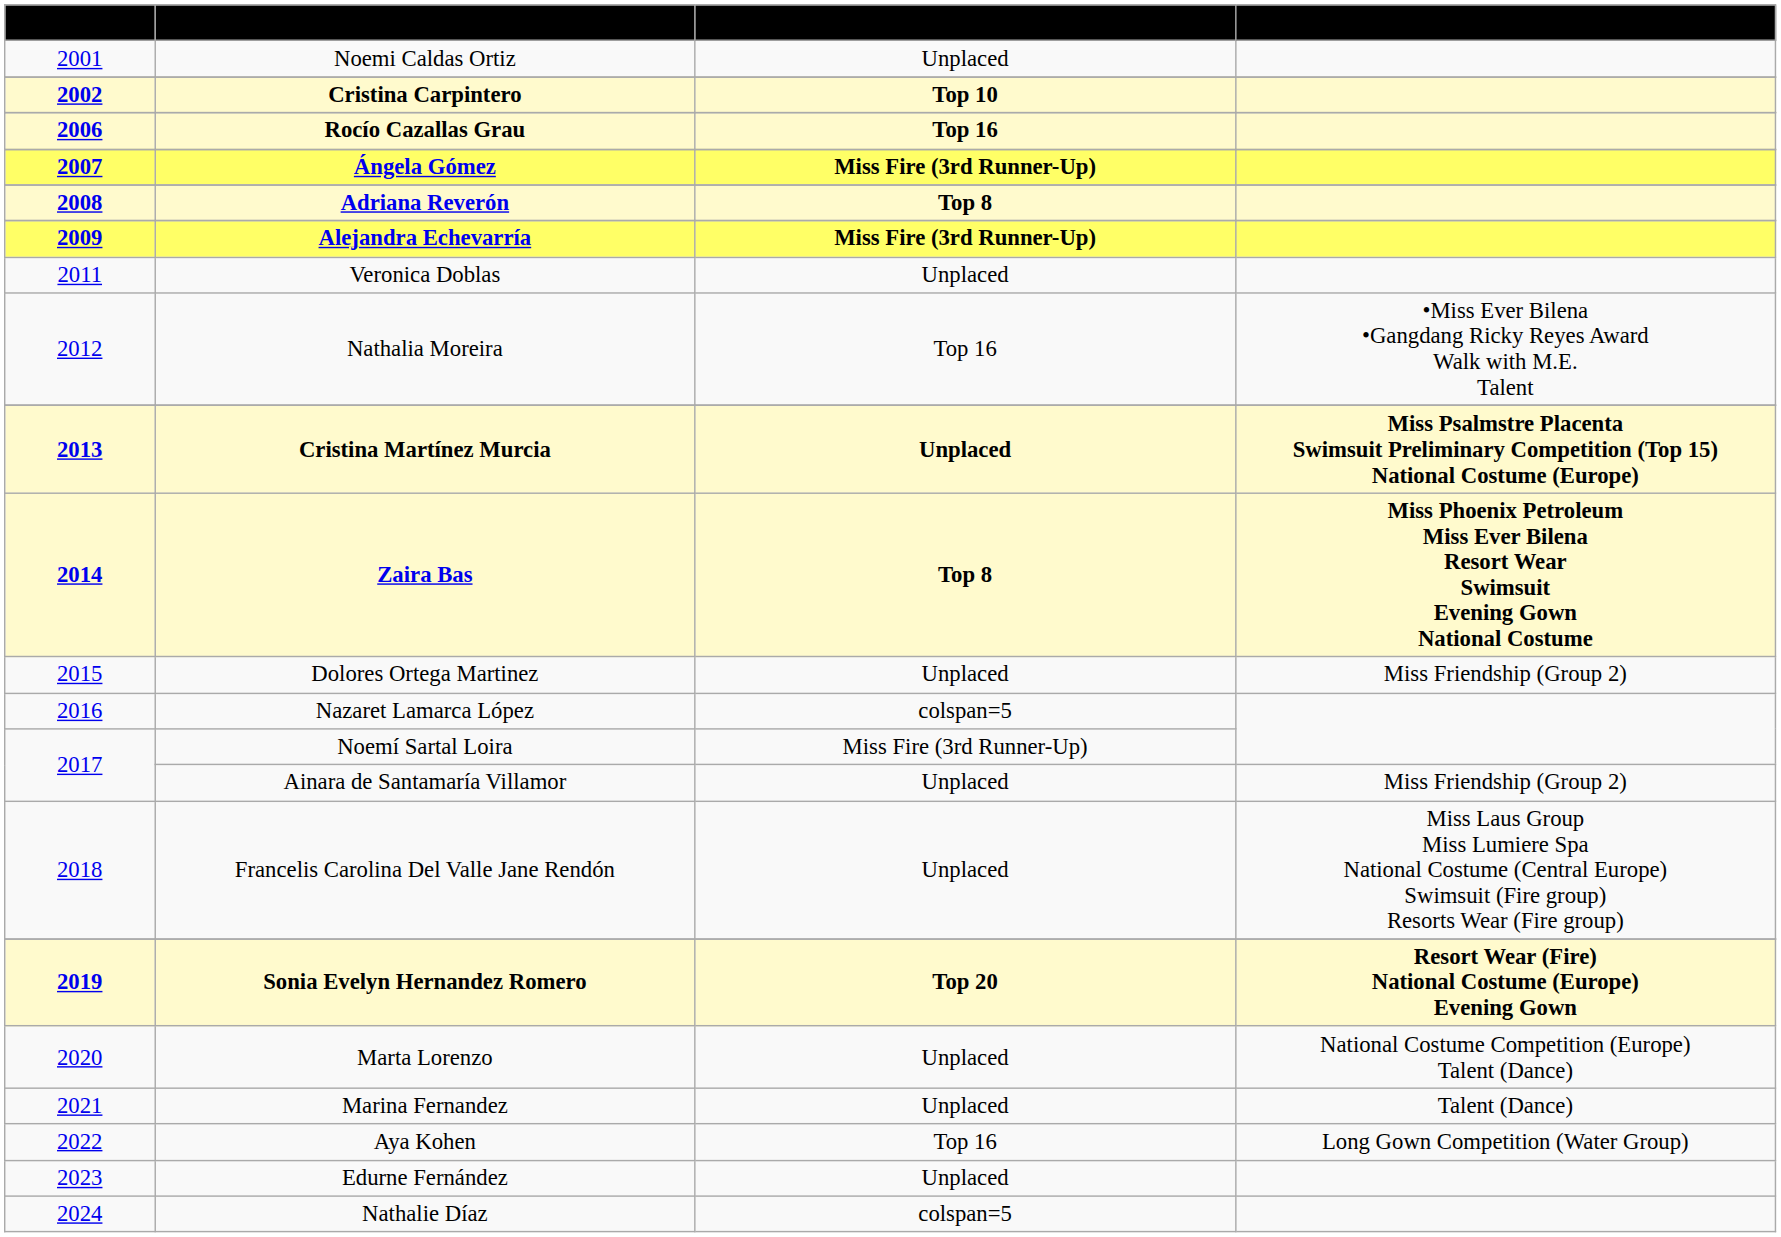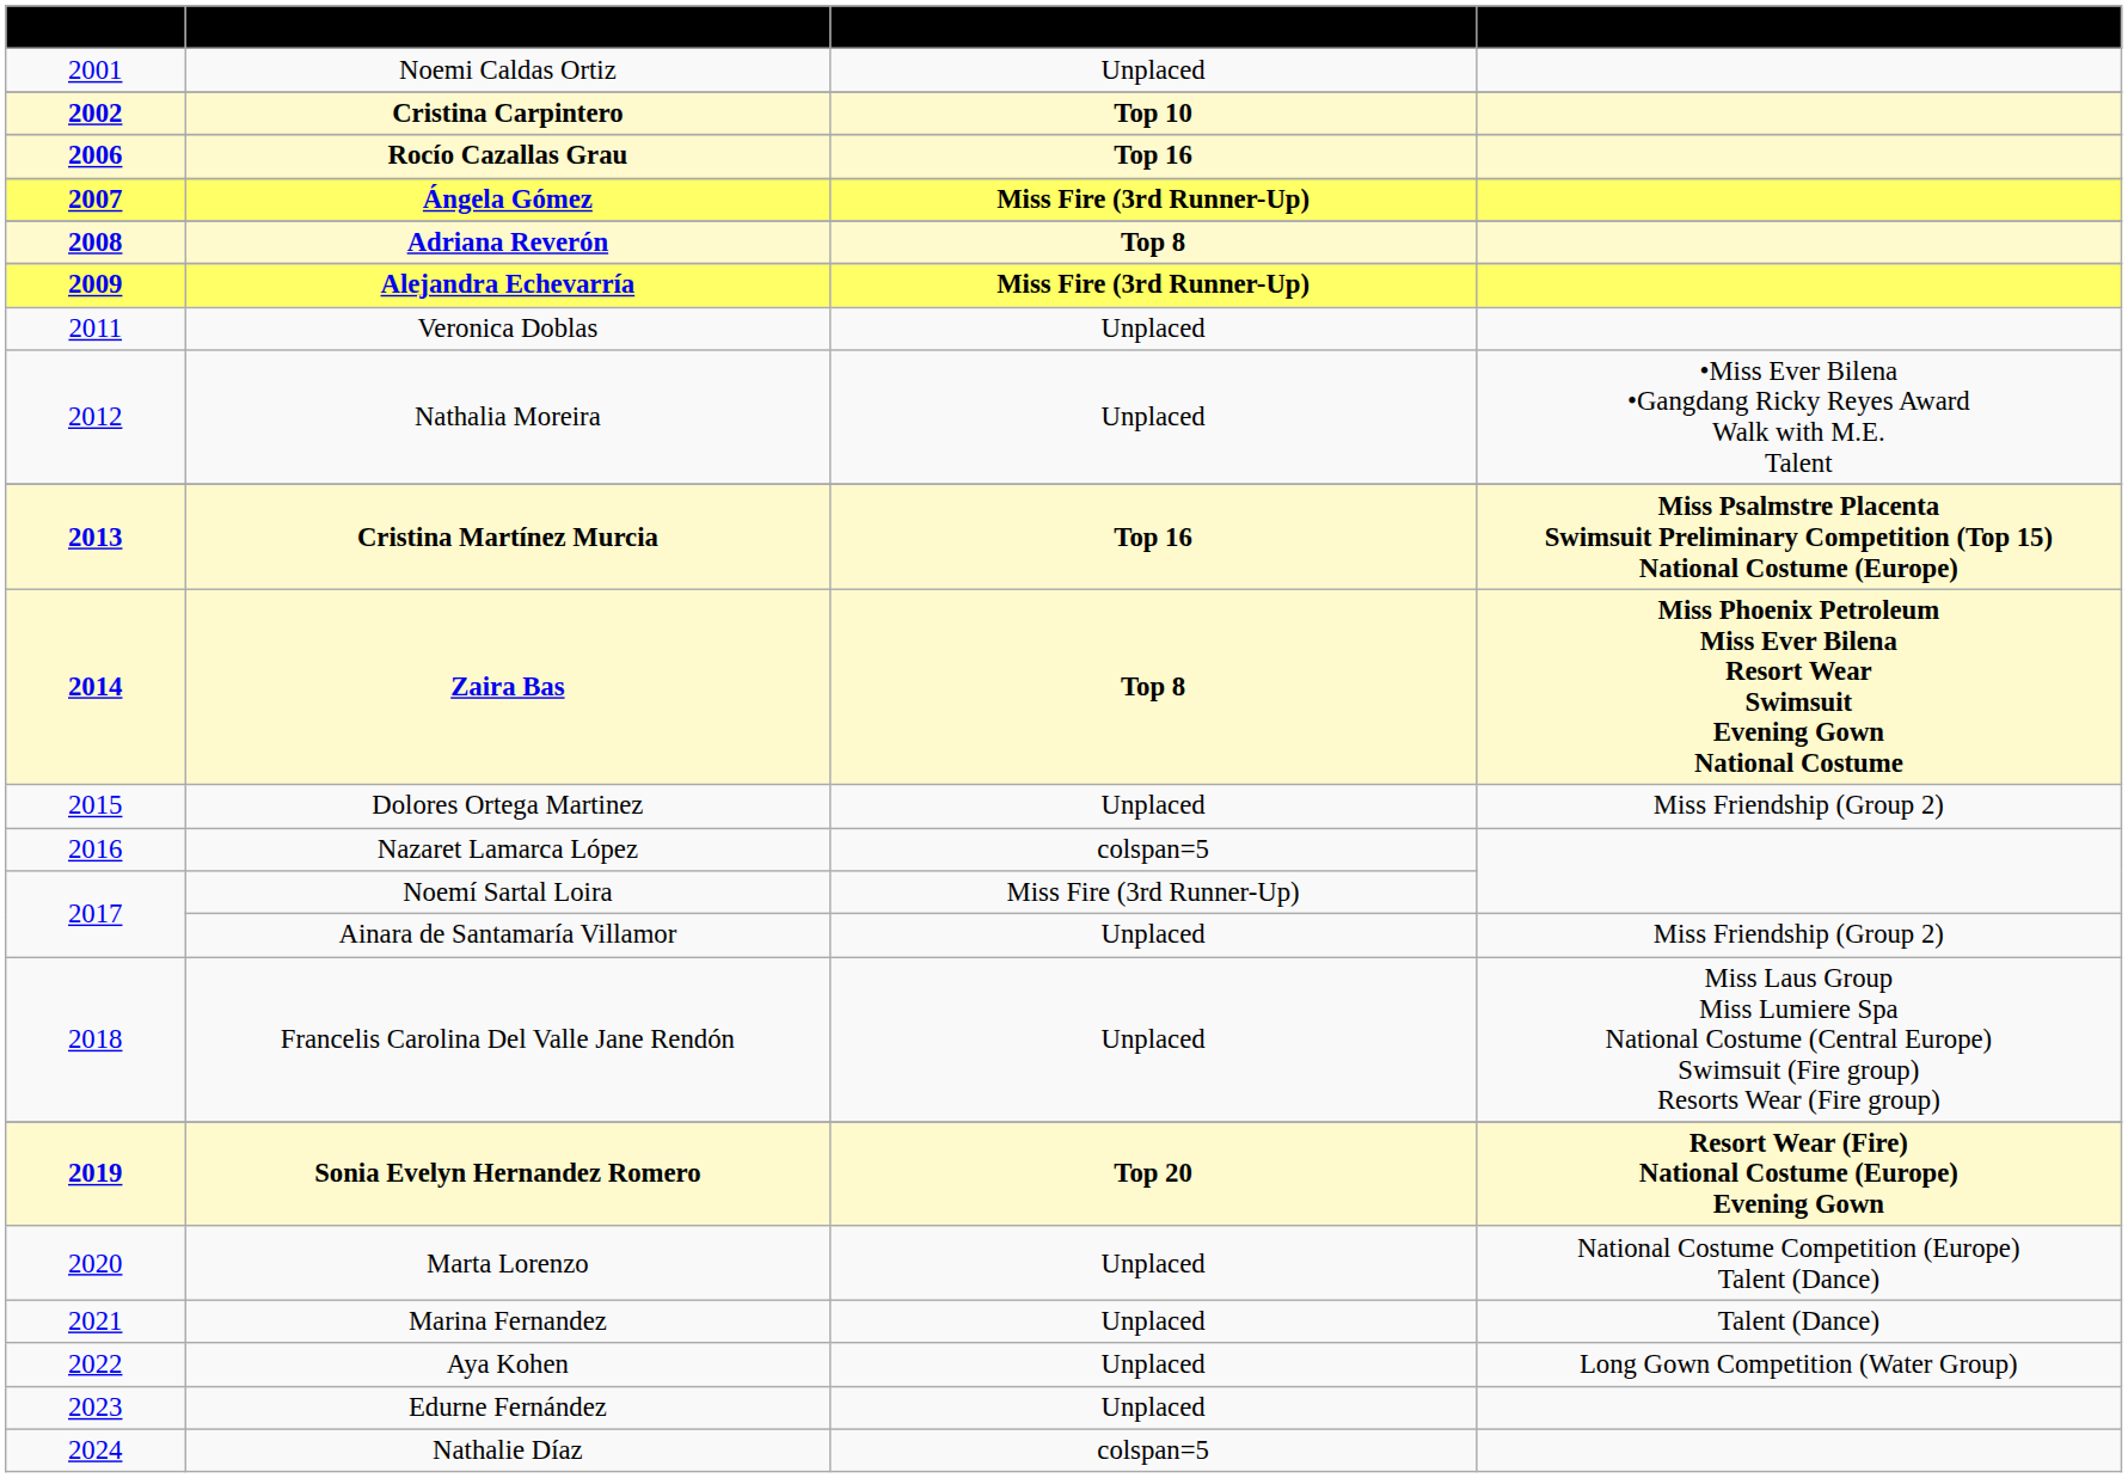 <table class="wikitable" style="text-align:center">
 <tr>
 <th style="background:black; width:5%;" scope="col"><span>Year</span></th>
 <th style="background:black; width:18%;" scope="col"><span>Miss Earth Spain</span></th>
 <th style="background:black; width:18%;" scope="col"><span>Placement</span></th>
 <th style="background:black; width:18%;" scope="col"><span>Special Awards</span></th>
 </tr>
 <tr>
 <td><a href='#'>2001</a></td>
 <td>Noemi Caldas Ortiz</td>
 <td>Unplaced</td>
 <td></td>
 </tr>
 <tr>
 </tr>
 <tr style="background-color:#FFFACD; font-weight: bold">
 <td><a href='#'>2002</a></td>
 <td>Cristina Carpintero</td>
 <td>Top 10</td>
 <td></td>
 </tr>
 <tr>
 </tr>
 <tr style="background-color:#FFFACD; font-weight: bold">
 <td><a href='#'>2006</a></td>
 <td>Rocío Cazallas Grau</td>
 <td>Top 16</td>
 <td></td>
 </tr>
 <tr>
 </tr>
 <tr style="background-color:#FFFF66; font-weight: bold">
 <td><a href='#'>2007</a></td>
 <td><a href='#'>Ángela Gómez</a></td>
 <td>Miss Fire (3rd Runner-Up)</td>
 <td></td>
 </tr>
 <tr>
 </tr>
 <tr style="background-color:#FFFACD; font-weight: bold">
 <td><a href='#'>2008</a></td>
 <td><a href='#'>Adriana Reverón</a></td>
 <td>Top 8</td>
 <td></td>
 </tr>
 <tr>
 </tr>
 <tr style="background-color:#FFFF66; font-weight: bold">
 <td><a href='#'>2009</a></td>
 <td><a href='#'>Alejandra Echevarría</a></td>
 <td>Miss Fire (3rd Runner-Up)</td>
 <td></td>
 </tr>
 <tr>
 <td><a href='#'>2011</a></td>
 <td>Veronica Doblas</td>
 <td>Unplaced</td>
 <td></td>
 </tr>
 <tr>
 <td><a href='#'>2012</a></td>
 <td>Nathalia Moreira</td>
-<td>Top 16</td>
+<td>Unplaced</td>
 <td>•Miss Ever Bilena<br>•Gangdang Ricky Reyes Award<br> Walk with M.E.<br> Talent</td>
 </tr>
 <tr>
 </tr>
 <tr style="background-color:#FFFACD; font-weight: bold">
 <td><a href='#'>2013</a></td>
 <td>Cristina Martínez Murcia</td>
-<td>Unplaced</td>
+<td>Top 16</td>
 <td><strong>Miss Psalmstre Placenta</strong><br><strong>Swimsuit Preliminary Competition</strong> (Top 15)<br> <strong>National Costume</strong> (Europe)</td>
 </tr>
 <tr style="background-color:#FFFACD; font-weight: bold">
 <td><a href='#'>2014</a></td>
 <td><a href='#'>Zaira Bas</a></td>
 <td><strong>Top 8</strong></td>
 <td><strong>Miss Phoenix Petroleum</strong><br><strong>Miss Ever Bilena</strong><br> <strong>Resort Wear</strong><br> <strong>Swimsuit </strong><br> <strong>Evening Gown</strong><br> <strong>National Costume</strong></td>
 </tr>
 <tr>
 <td><a href='#'>2015</a></td>
 <td>Dolores Ortega Martinez</td>
 <td>Unplaced</td>
 <td> Miss Friendship (Group 2)</td>
 </tr>
 <tr>
 <td><a href='#'>2016</a></td>
 <td>Nazaret Lamarca López</td>
 <td>colspan=5 </td>
 </tr>
 <tr>
 <td rowspan=2><a href='#'>2017</a></td>
 <td>Noemí Sartal Loira</td>
 <td>Miss Fire (3rd Runner-Up)</td>
 </tr>
 <tr>
 <td>Ainara de Santamaría Villamor</td>
 <td>Unplaced</td>
 <td> Miss Friendship (Group 2)</td>
 </tr>
 <tr>
 <td><a href='#'>2018</a></td>
 <td>Francelis Carolina Del Valle Jane Rendón</td>
 <td>Unplaced</td>
 <td>Miss Laus Group<br>Miss Lumiere Spa<br> National Costume (Central Europe)<br> Swimsuit (Fire group)<br> Resorts Wear (Fire group)</td>
 </tr>
 <tr>
 </tr>
 <tr style="background-color:#FFFACD; font-weight: bold">
 <td><a href='#'>2019</a></td>
 <td>Sonia Evelyn Hernandez Romero</td>
 <td>Top 20</td>
 <td> Resort Wear (Fire)<br> <strong>National Costume (Europe)</strong><br> <strong>Evening Gown</strong></td>
 </tr>
 <tr>
 <td><a href='#'>2020</a></td>
 <td>Marta Lorenzo</td>
 <td>Unplaced</td>
 <td> National Costume Competition (Europe)<br> Talent (Dance)</td>
 </tr>
 <tr>
 <td><a href='#'>2021</a></td>
 <td>Marina Fernandez</td>
 <td>Unplaced</td>
 <td> Talent (Dance)</td>
 </tr>
 <tr>
 <td><a href='#'>2022</a></td>
 <td>Aya Kohen</td>
-<td>Top 16</td>
+<td>Unplaced</td>
 <td> Long Gown Competition (Water Group)</td>
 </tr>
 <tr>
 <td><a href='#'>2023</a></td>
 <td>Edurne Fernández</td>
 <td>Unplaced</td>
 <td></td>
 </tr>
 <tr>
 <td><a href='#'>2024</a></td>
 <td>Nathalie Díaz</td>
 <td>colspan=5 </td>
 </tr>
 </table>
